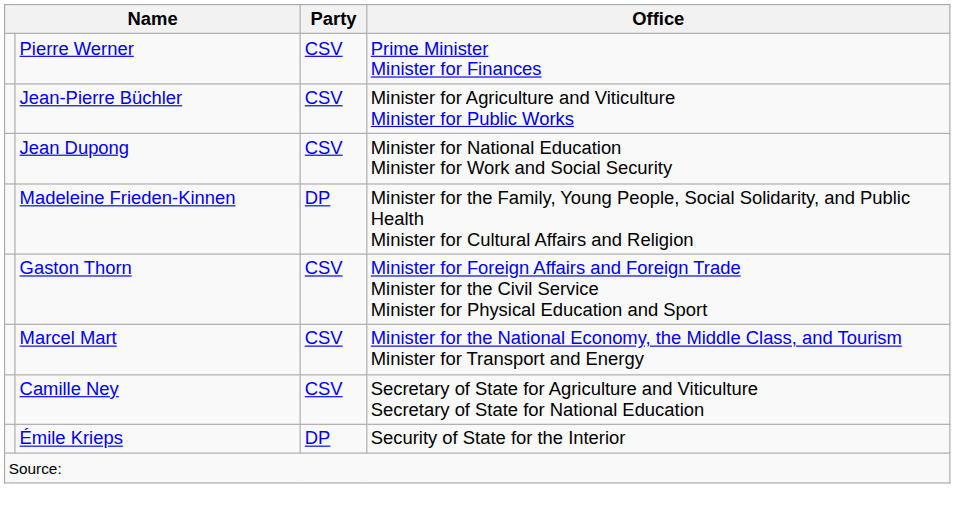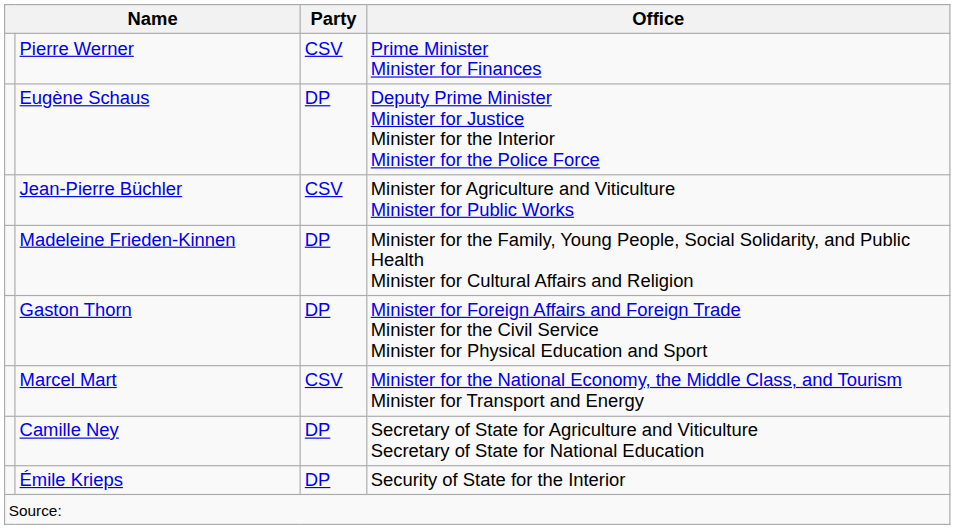 <table class="wikitable">
 <tr>
 <th colspan=2 width=250px>Name</th>
 <th width=50px>Party</th>
 <th width=500px>Office</th>
 </tr>
 <tr>
 <td style="background-color: "></td>
 <td valign=top><a href='#'>Pierre Werner</a></td>
 <td valign=top><a href='#'>CSV</a></td>
 <td><a href='#'>Prime Minister</a> <br> <a href='#'>Minister for Finances</a></td>
 </tr>
 <tr>
 <td style="background-color: "></td>
+<td valign=top><a href='#'>Eugène Schaus</a></td>
+<td valign=top><a href='#'>DP</a></td>
+<td><a href='#'>Deputy Prime Minister</a> <br> <a href='#'>Minister for Justice</a> <br> Minister for the Interior <br> <a href='#'>Minister for the Police Force</a></td>
+</tr>
+<tr>
+<td style="background-color: "></td>
 <td valign=top><a href='#'>Jean-Pierre Büchler</a></td>
 <td valign=top><a href='#'>CSV</a></td>
 <td>Minister for Agriculture and Viticulture <br> <a href='#'>Minister for Public Works</a></td>
-</tr>
-<tr>
-<td style="background-color: "></td>
-<td valign=top><a href='#'>Jean Dupong</a></td>
-<td valign=top><a href='#'>CSV</a></td>
-<td>Minister for National Education <br> Minister for Work and Social Security</td>
 </tr>
 <tr>
 <td style="background-color: "></td>
 <td valign=top><a href='#'>Madeleine Frieden-Kinnen</a></td>
 <td valign=top><a href='#'>DP</a></td>
 <td>Minister for the Family, Young People, Social Solidarity, and Public Health <br> Minister for Cultural Affairs and Religion</td>
 </tr>
 <tr>
 <td style="background-color: "></td>
 <td valign=top><a href='#'>Gaston Thorn</a></td>
-<td valign=top><a href='#'>CSV</a></td>
+<td valign=top><a href='#'>DP</a></td>
 <td><a href='#'>Minister for Foreign Affairs and Foreign Trade</a> <br> Minister for the Civil Service <br> Minister for Physical Education and Sport</td>
 </tr>
 <tr>
 <td style="background-color: "></td>
 <td valign=top><a href='#'>Marcel Mart</a></td>
 <td valign=top><a href='#'>CSV</a></td>
 <td><a href='#'>Minister for the National Economy, the Middle Class, and Tourism</a> <br> Minister for Transport and Energy</td>
 </tr>
 <tr>
 <td style="background-color: "></td>
 <td valign=top><a href='#'>Camille Ney</a></td>
-<td valign=top><a href='#'>CSV</a></td>
+<td valign=top><a href='#'>DP</a></td>
 <td>Secretary of State for Agriculture and Viticulture <br> Secretary of State for National Education</td>
 </tr>
 <tr>
 <td style="background-color: "></td>
 <td valign=top><a href='#'>Émile Krieps</a></td>
 <td valign=top><a href='#'>DP</a></td>
 <td>Security of State for the Interior</td>
 </tr>
 <tr>
 <td colspan=4><small>Source: </small></td>
 </tr>
 </table>
